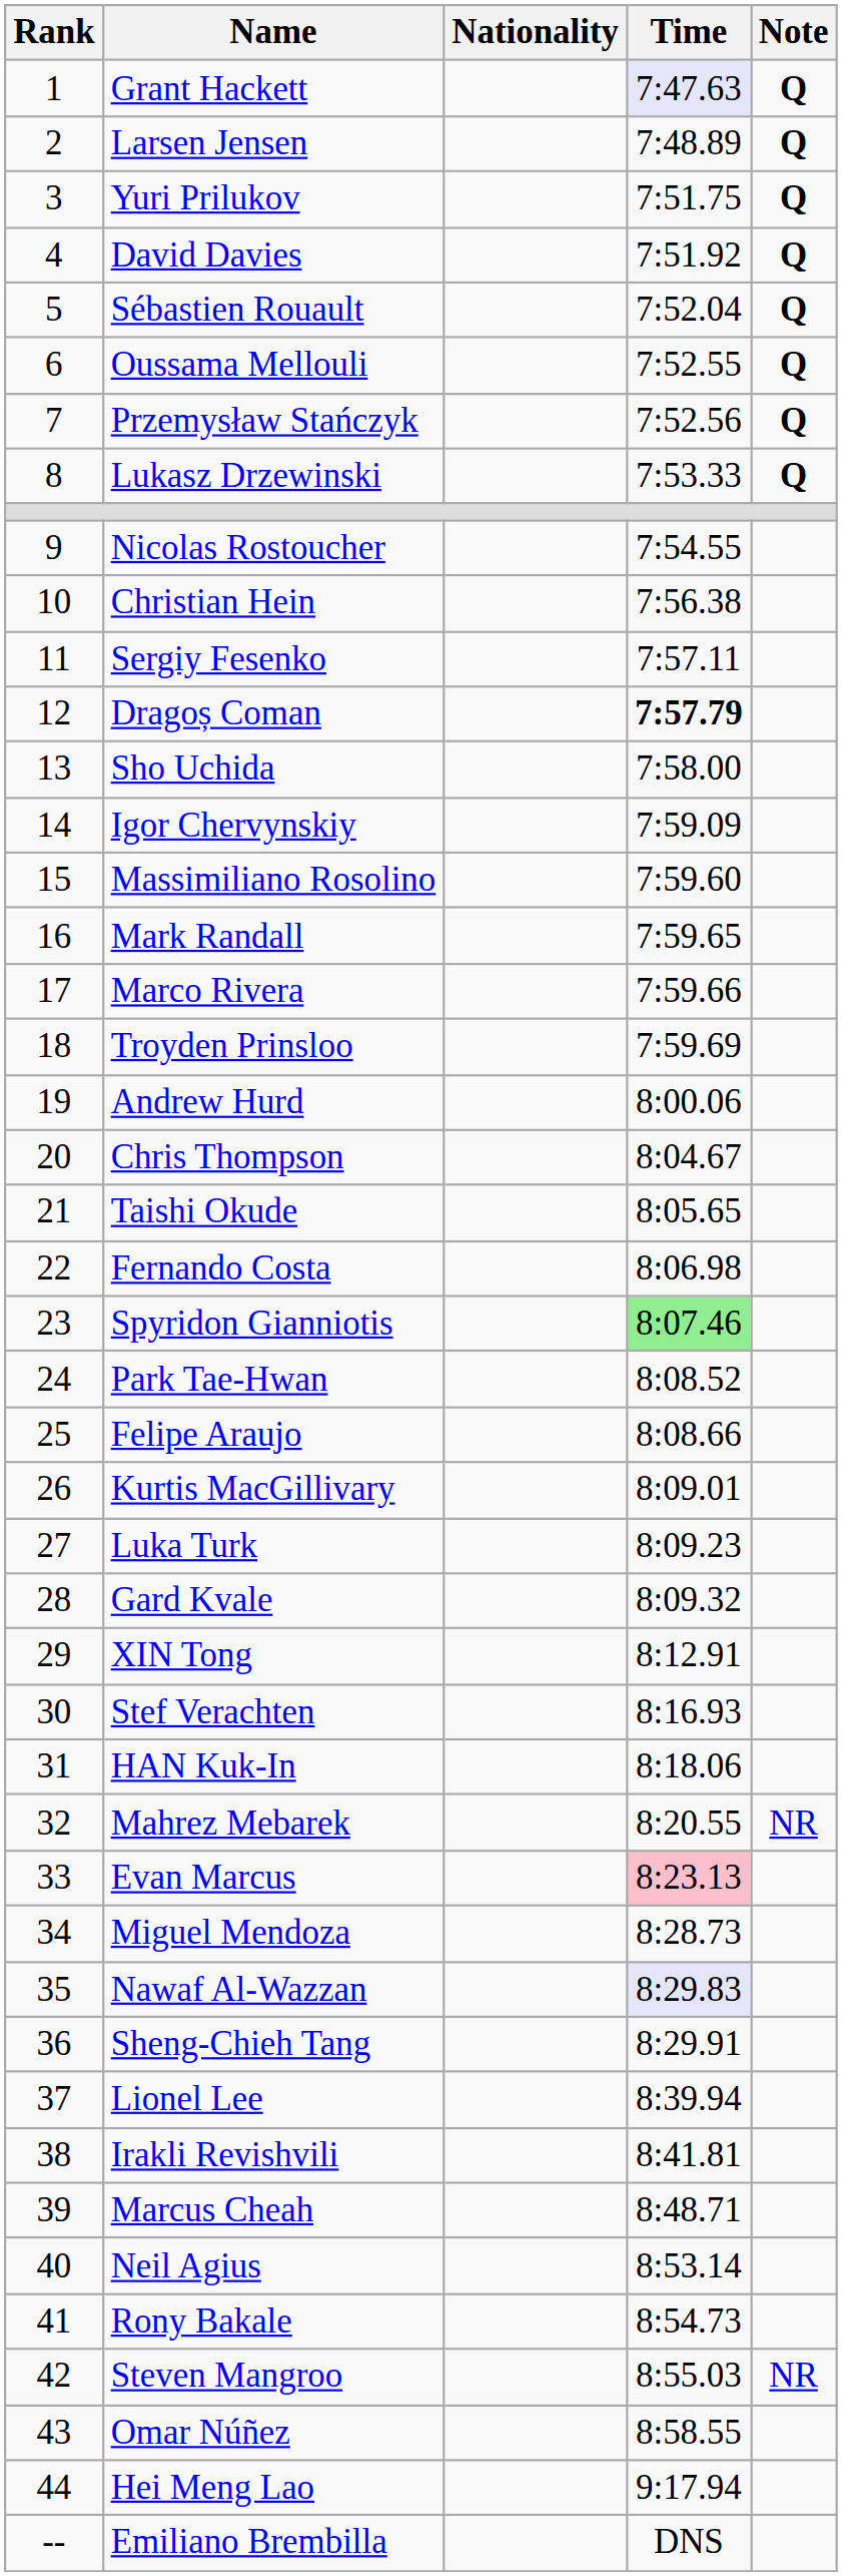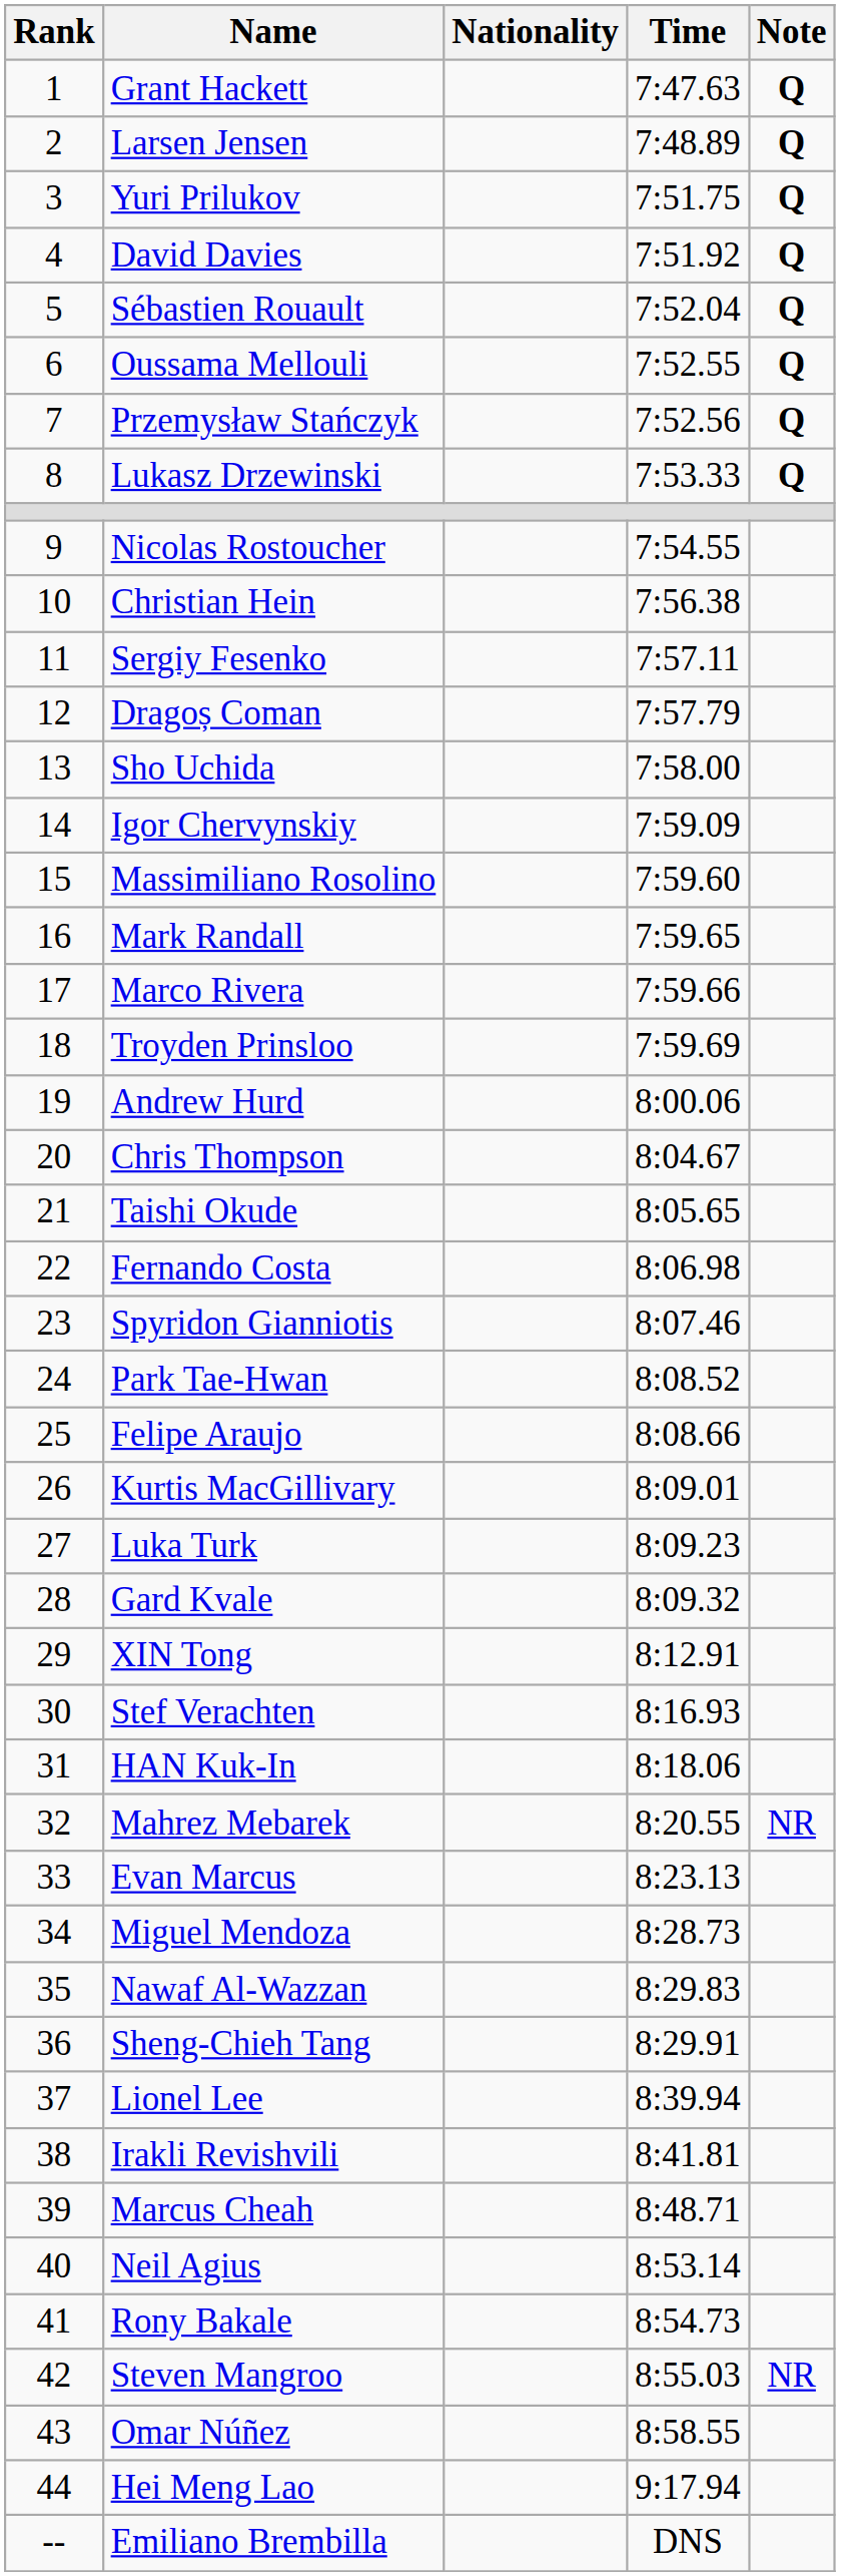 <table class="wikitable" style="text-align:center">
 <tr>
 <th>Rank</th>
 <th>Name</th>
 <th>Nationality</th>
 <th>Time</th>
 <th>Note</th>
 </tr>
 <tr>
 <td>1</td>
 <td align=left><a href='#'>Grant Hackett</a></td>
 <td align=left></td>
-<td style="background: lavender;">7:47.63</td>
+<td>7:47.63</td>
 <td><strong>Q</strong></td>
 </tr>
 <tr>
 <td>2</td>
 <td align=left><a href='#'>Larsen Jensen</a></td>
 <td align=left></td>
 <td>7:48.89</td>
 <td><strong>Q</strong></td>
 </tr>
 <tr>
 <td>3</td>
 <td align=left><a href='#'>Yuri Prilukov</a></td>
 <td align=left></td>
 <td>7:51.75</td>
 <td><strong>Q</strong></td>
 </tr>
 <tr>
 <td>4</td>
 <td align=left><a href='#'>David Davies</a></td>
 <td align=left></td>
 <td>7:51.92</td>
 <td><strong>Q</strong></td>
 </tr>
 <tr>
 <td>5</td>
 <td align=left><a href='#'>Sébastien Rouault</a></td>
 <td align=left></td>
 <td>7:52.04</td>
 <td><strong>Q</strong></td>
 </tr>
 <tr>
 <td>6</td>
 <td align=left><a href='#'>Oussama Mellouli</a></td>
 <td align=left></td>
 <td>7:52.55</td>
 <td><strong>Q</strong></td>
 </tr>
 <tr>
 <td>7</td>
 <td align=left><a href='#'>Przemysław Stańczyk</a></td>
 <td align=left></td>
 <td>7:52.56</td>
 <td><strong>Q</strong></td>
 </tr>
 <tr>
 <td>8</td>
 <td align=left><a href='#'>Lukasz Drzewinski</a></td>
 <td align=left></td>
 <td>7:53.33</td>
 <td><strong>Q</strong></td>
 </tr>
 <tr bgcolor=#DDDDDD>
 <td colspan=5></td>
 </tr>
 <tr>
 <td>9</td>
 <td align=left><a href='#'>Nicolas Rostoucher</a></td>
 <td align=left></td>
 <td>7:54.55</td>
 <td></td>
 </tr>
 <tr>
 <td>10</td>
 <td align=left><a href='#'>Christian Hein</a></td>
 <td align=left></td>
 <td>7:56.38</td>
 <td></td>
 </tr>
 <tr>
 <td>11</td>
 <td align=left><a href='#'>Sergiy Fesenko</a></td>
 <td align=left></td>
 <td>7:57.11</td>
 <td></td>
 </tr>
 <tr>
 <td>12</td>
 <td align=left><a href='#'>Dragoș Coman</a></td>
 <td align=left></td>
-<td><strong>7:57.79</strong></td>
+<td>7:57.79</td>
 <td></td>
 </tr>
 <tr>
 <td>13</td>
 <td align=left><a href='#'>Sho Uchida</a></td>
 <td align=left></td>
 <td>7:58.00</td>
 <td></td>
 </tr>
 <tr>
 <td>14</td>
 <td align=left><a href='#'>Igor Chervynskiy</a></td>
 <td align=left></td>
 <td>7:59.09</td>
 <td></td>
 </tr>
 <tr>
 <td>15</td>
 <td align=left><a href='#'>Massimiliano Rosolino</a></td>
 <td align=left></td>
 <td>7:59.60</td>
 <td></td>
 </tr>
 <tr>
 <td>16</td>
 <td align=left><a href='#'>Mark Randall</a></td>
 <td align=left></td>
 <td>7:59.65</td>
 <td></td>
 </tr>
 <tr>
 <td>17</td>
 <td align=left><a href='#'>Marco Rivera</a></td>
 <td align=left></td>
 <td>7:59.66</td>
 <td></td>
 </tr>
 <tr>
 <td>18</td>
 <td align=left><a href='#'>Troyden Prinsloo</a></td>
 <td align=left></td>
 <td>7:59.69</td>
 <td></td>
 </tr>
 <tr>
 <td>19</td>
 <td align=left><a href='#'>Andrew Hurd</a></td>
 <td align=left></td>
 <td>8:00.06</td>
 <td></td>
 </tr>
 <tr>
 <td>20</td>
 <td align=left><a href='#'>Chris Thompson</a></td>
 <td align=left></td>
 <td>8:04.67</td>
 <td></td>
 </tr>
 <tr>
 <td>21</td>
 <td align=left><a href='#'>Taishi Okude</a></td>
 <td align=left></td>
 <td>8:05.65</td>
 <td></td>
 </tr>
 <tr>
 <td>22</td>
 <td align=left><a href='#'>Fernando Costa</a></td>
 <td align=left></td>
 <td>8:06.98</td>
 <td></td>
 </tr>
 <tr>
 <td>23</td>
 <td align=left><a href='#'>Spyridon Gianniotis</a></td>
 <td align=left></td>
-<td style="background: lightgreen;">8:07.46</td>
+<td>8:07.46</td>
 <td></td>
 </tr>
 <tr>
 <td>24</td>
 <td align=left><a href='#'>Park Tae-Hwan</a></td>
 <td align=left></td>
 <td>8:08.52</td>
 <td></td>
 </tr>
 <tr>
 <td>25</td>
 <td align=left><a href='#'>Felipe Araujo</a></td>
 <td align=left></td>
 <td>8:08.66</td>
 <td></td>
 </tr>
 <tr>
 <td>26</td>
 <td align=left><a href='#'>Kurtis MacGillivary</a></td>
 <td align=left></td>
 <td>8:09.01</td>
 <td></td>
 </tr>
 <tr>
 <td>27</td>
 <td align=left><a href='#'>Luka Turk</a></td>
 <td align=left></td>
 <td>8:09.23</td>
 <td></td>
 </tr>
 <tr>
 <td>28</td>
 <td align=left><a href='#'>Gard Kvale</a></td>
 <td align=left></td>
 <td>8:09.32</td>
 <td></td>
 </tr>
 <tr>
 <td>29</td>
 <td align=left><a href='#'>XIN Tong</a></td>
 <td align=left></td>
 <td>8:12.91</td>
 <td></td>
 </tr>
 <tr>
 <td>30</td>
 <td align=left><a href='#'>Stef Verachten</a></td>
 <td align=left></td>
 <td>8:16.93</td>
 <td></td>
 </tr>
 <tr>
 <td>31</td>
 <td align=left><a href='#'>HAN Kuk-In</a></td>
 <td align=left></td>
 <td>8:18.06</td>
 <td></td>
 </tr>
 <tr>
 <td>32</td>
 <td align=left><a href='#'>Mahrez Mebarek</a></td>
 <td align=left></td>
 <td>8:20.55</td>
 <td><a href='#'>NR</a></td>
 </tr>
 <tr>
 <td>33</td>
 <td align=left><a href='#'>Evan Marcus</a></td>
 <td align=left></td>
-<td style="background: pink;">8:23.13</td>
+<td>8:23.13</td>
 <td></td>
 </tr>
 <tr>
 <td>34</td>
 <td align=left><a href='#'>Miguel Mendoza</a></td>
 <td align=left></td>
 <td>8:28.73</td>
 <td></td>
 </tr>
 <tr>
 <td>35</td>
 <td align=left><a href='#'>Nawaf Al-Wazzan</a></td>
 <td align=left></td>
-<td style="background: lavender;">8:29.83</td>
+<td>8:29.83</td>
 <td></td>
 </tr>
 <tr>
 <td>36</td>
 <td align=left><a href='#'>Sheng-Chieh Tang</a></td>
 <td align=left></td>
 <td>8:29.91</td>
 <td></td>
 </tr>
 <tr>
 <td>37</td>
 <td align=left><a href='#'>Lionel Lee</a></td>
 <td align=left></td>
 <td>8:39.94</td>
 <td></td>
 </tr>
 <tr>
 <td>38</td>
 <td align=left><a href='#'>Irakli Revishvili</a></td>
 <td align=left></td>
 <td>8:41.81</td>
 <td></td>
 </tr>
 <tr>
 <td>39</td>
 <td align=left><a href='#'>Marcus Cheah</a></td>
 <td align=left></td>
 <td>8:48.71</td>
 <td></td>
 </tr>
 <tr>
 <td>40</td>
 <td align=left><a href='#'>Neil Agius</a></td>
 <td align=left></td>
 <td>8:53.14</td>
 <td></td>
 </tr>
 <tr>
 <td>41</td>
 <td align=left><a href='#'>Rony Bakale</a></td>
 <td align=left></td>
 <td>8:54.73</td>
 <td></td>
 </tr>
 <tr>
 <td>42</td>
 <td align=left><a href='#'>Steven Mangroo</a></td>
 <td align=left></td>
 <td>8:55.03</td>
 <td><a href='#'>NR</a></td>
 </tr>
 <tr>
 <td>43</td>
 <td align=left><a href='#'>Omar Núñez</a></td>
 <td align=left></td>
 <td>8:58.55</td>
 <td></td>
 </tr>
 <tr>
 <td>44</td>
 <td align=left><a href='#'>Hei Meng Lao</a></td>
 <td align=left></td>
 <td>9:17.94</td>
 <td></td>
 </tr>
 <tr>
 <td>--</td>
 <td align=left><a href='#'>Emiliano Brembilla</a></td>
 <td align=left></td>
 <td>DNS</td>
 <td></td>
 </tr>
 <tr>
 </tr>
 </table>
